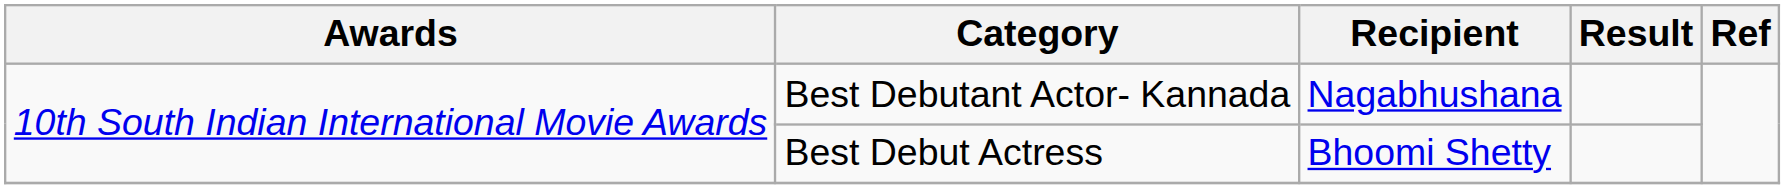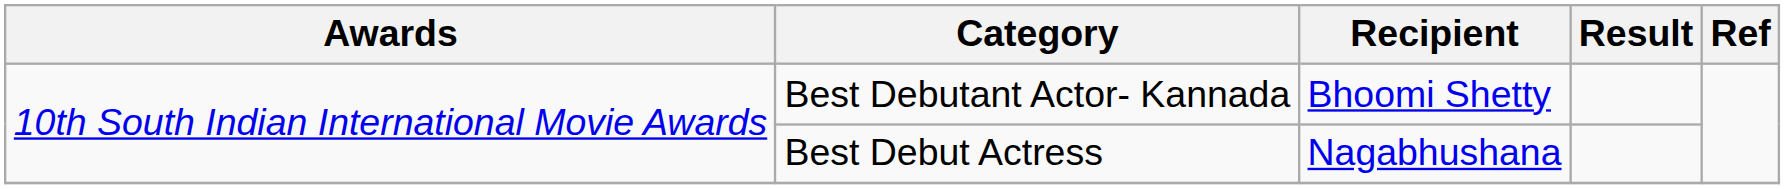 <table class="wikitable">
 <tr>
 <th>Awards</th>
 <th>Category</th>
 <th>Recipient</th>
 <th>Result</th>
 <th>Ref</th>
 </tr>
 <tr>
 <td rowspan=2><em><a href='#'>10th South Indian International Movie Awards</a></em></td>
 <td>Best Debutant Actor- Kannada</td>
-<td><a href='#'>Nagabhushana</a></td>
+<td><a href='#'>Bhoomi Shetty</a></td>
 <td></td>
 <td rowspan=2></td>
 </tr>
 <tr>
 <td>Best Debut Actress</td>
-<td><a href='#'>Bhoomi Shetty</a></td>
+<td><a href='#'>Nagabhushana</a></td>
 <td></td>
 </tr>
 <tr>
 </tr>
 </table>
